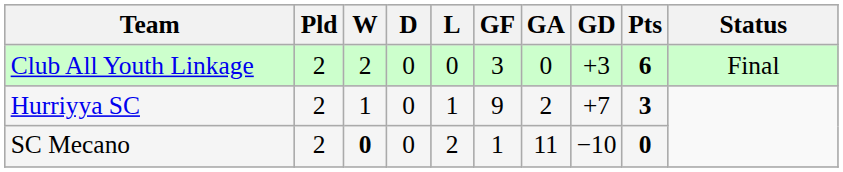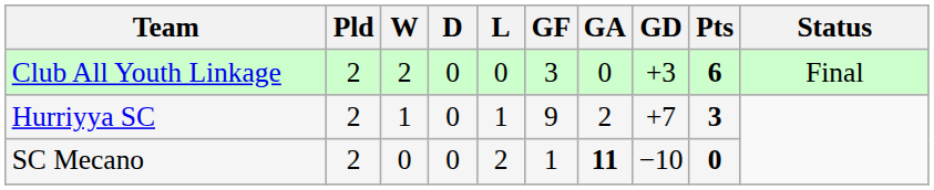 <table class="wikitable" style="text-align:center;">
 <tr>
 <th width=175>Team</th>
 <th width=20 abbr="Played">Pld</th>
 <th width=20 abbr="Won">W</th>
 <th width=20 abbr="Drawn">D</th>
 <th width=20 abbr="Lost">L</th>
 <th width=20 abbr="Goals for">GF</th>
 <th width=20 abbr="Goals against">GA</th>
 <th width=20 abbr="Goal difference">GD</th>
 <th width=20 abbr="Points">Pts</th>
 <th width=100 abbr="Status">Status</th>
 </tr>
 <tr bgcolor=#ccffcc>
 <td align=left><a href='#'>Club All Youth Linkage</a></td>
 <td>2</td>
 <td>2</td>
 <td>0</td>
 <td>0</td>
 <td>3</td>
 <td>0</td>
 <td>+3</td>
 <td><strong>6</strong></td>
 <td>Final</td>
 </tr>
 <tr bgcolor=#f5f5f5>
 <td align=left><a href='#'>Hurriyya SC</a></td>
 <td>2</td>
 <td>1</td>
 <td>0</td>
 <td>1</td>
 <td>9</td>
 <td>2</td>
 <td>+7</td>
 <td><strong>3</strong></td>
 </tr>
 <tr bgcolor=#f5f5f5>
 <td align=left>SC Mecano</td>
 <td>2</td>
-<td><strong>0</strong></td>
+<td>0</td>
 <td>0</td>
 <td>2</td>
 <td>1</td>
-<td>11</td>
+<td><strong>11</strong></td>
 <td>−10</td>
 <td><strong>0</strong></td>
 </tr>
 </table>
